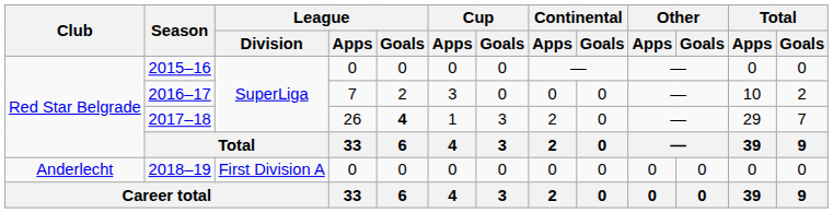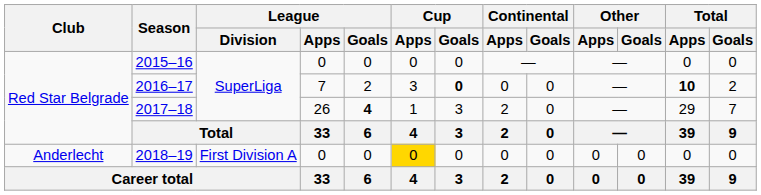 <table class="wikitable" style="text-align: center;font-size:90%">
 <tr>
 <th rowspan="2">Club</th>
 <th rowspan="2">Season</th>
 <th colspan="3">League</th>
 <th colspan="2">Cup</th>
 <th colspan="2">Continental</th>
 <th colspan="2">Other</th>
 <th colspan="2">Total</th>
 </tr>
 <tr>
 <th>Division</th>
 <th>Apps</th>
 <th>Goals</th>
 <th>Apps</th>
 <th>Goals</th>
 <th>Apps</th>
 <th>Goals</th>
 <th>Apps</th>
 <th>Goals</th>
 <th>Apps</th>
 <th>Goals</th>
 </tr>
 <tr>
 <td rowspan="4" valign="center"><a href='#'>Red Star Belgrade</a></td>
 <td><a href='#'>2015–16</a></td>
 <td rowspan=3><a href='#'>SuperLiga</a></td>
 <td>0</td>
 <td>0</td>
 <td>0</td>
 <td>0</td>
 <td colspan="2">—</td>
 <td colspan="2">—</td>
 <td>0</td>
 <td>0</td>
 </tr>
 <tr>
 <td><a href='#'>2016–17</a></td>
 <td>7</td>
 <td>2</td>
 <td>3</td>
-<td>0</td>
+<td><strong>0</strong></td>
 <td>0</td>
 <td>0</td>
 <td colspan="2">—</td>
-<td>10</td>
+<td><strong>10</strong></td>
 <td>2</td>
 </tr>
 <tr>
 <td><a href='#'>2017–18</a></td>
 <td>26</td>
 <td><strong>4</strong></td>
 <td>1</td>
 <td>3</td>
 <td>2</td>
 <td>0</td>
 <td colspan="2">—</td>
 <td>29</td>
 <td>7</td>
 </tr>
 <tr>
 <th colspan="2">Total</th>
 <th>33</th>
 <th>6</th>
 <th>4</th>
 <th>3</th>
 <th>2</th>
 <th>0</th>
 <th colspan="2">—</th>
 <th>39</th>
 <th>9</th>
 </tr>
 <tr>
 <td><a href='#'>Anderlecht</a></td>
 <td><a href='#'>2018–19</a></td>
 <td><a href='#'>First Division A</a></td>
 <td>0</td>
 <td>0</td>
-<td>0</td>
+<td style="background: gold;">0</td>
 <td>0</td>
 <td>0</td>
 <td>0</td>
 <td>0</td>
 <td>0</td>
 <td>0</td>
 <td>0</td>
 </tr>
 <tr>
 <th colspan="3">Career total</th>
 <th>33</th>
 <th>6</th>
 <th>4</th>
 <th>3</th>
 <th>2</th>
 <th>0</th>
 <th>0</th>
 <th>0</th>
 <th>39</th>
 <th>9</th>
 </tr>
 </table>
